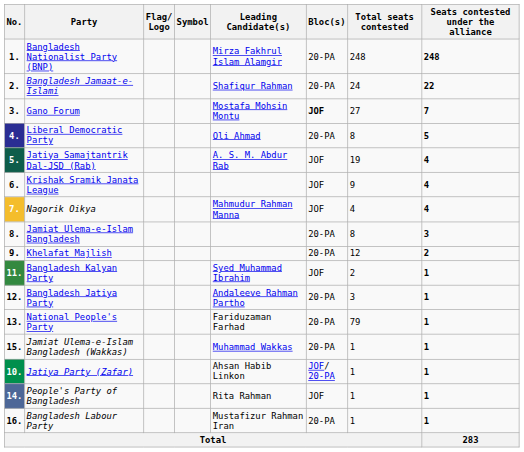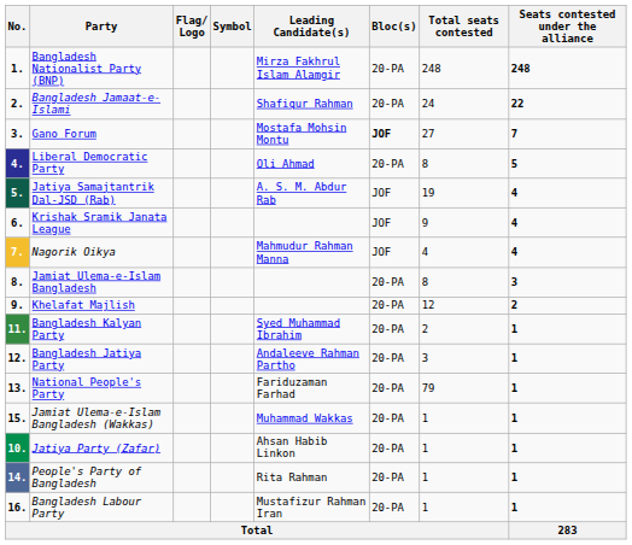 <table class="wikitable" width="60%">
 <tr>
 <th>No.</th>
 <th>Party</th>
 <th>Flag/<br>Logo</th>
 <th>Symbol</th>
 <th>Leading Candidate(s)</th>
 <th>Bloc(s)</th>
 <th>Total seats contested</th>
 <th>Seats contested under the alliance</th>
 </tr>
 <tr>
 <td style="text-align:center; background:"><strong>1.</strong></td>
 <td><a href='#'>Bangladesh Nationalist Party (BNP)</a></td>
 <td></td>
 <td></td>
 <td><a href='#'>Mirza Fakhrul Islam Alamgir</a></td>
 <td>20-PA</td>
 <td>248</td>
 <td><strong>248</strong></td>
 </tr>
 <tr>
 <td style="text-align:Center; background:"><strong>2.</strong></td>
 <td><em><a href='#'>Bangladesh Jamaat-e-Islami</a></em></td>
 <td></td>
 <td></td>
 <td><a href='#'>Shafiqur Rahman</a></td>
 <td>20-PA</td>
 <td>24</td>
 <td><strong>22</strong></td>
 </tr>
 <tr>
 <td style="text-align:Center; background:"><strong>3.</strong></td>
 <td><a href='#'>Gano Forum</a></td>
 <td></td>
 <td></td>
 <td><a href='#'>Mostafa Mohsin Montu</a></td>
 <td><strong>JOF</strong></td>
 <td>27</td>
 <td><strong>7</strong></td>
 </tr>
 <tr>
 <td style="text-align:Center; background:#2a2d93;color:white"><strong>4.</strong></td>
 <td><a href='#'>Liberal Democratic Party</a></td>
 <td></td>
 <td></td>
 <td><a href='#'>Oli Ahmad</a></td>
 <td>20-PA</td>
 <td>8</td>
 <td><strong>5</strong></td>
 </tr>
 <tr>
 <td style="text-align:Center; background:#0e5d4a;color:white"><strong>5.</strong></td>
 <td><a href='#'>Jatiya Samajtantrik Dal-JSD (Rab)</a></td>
 <td></td>
 <td></td>
 <td><a href='#'>A. S. M. Abdur Rab</a></td>
 <td>JOF</td>
 <td>19</td>
 <td><strong>4</strong></td>
 </tr>
 <tr>
 <td style="text-align:Center; background:"><strong>6.</strong></td>
 <td><a href='#'>Krishak Sramik Janata League</a></td>
 <td></td>
 <td></td>
 <td></td>
 <td>JOF</td>
 <td>9</td>
 <td><strong>4</strong></td>
 </tr>
 <tr>
 <td style="text-align:Center; background:#f4bd2c;color:white"><strong>7.</strong></td>
 <td><em>Nagorik Oikya</em></td>
 <td></td>
 <td></td>
 <td><a href='#'>Mahmudur Rahman Manna</a></td>
 <td>JOF</td>
 <td>4</td>
 <td><strong>4</strong></td>
 </tr>
 <tr>
 <td style="text-align:Center; background:"><strong>8.</strong></td>
 <td><a href='#'>Jamiat Ulema-e-Islam Bangladesh</a></td>
 <td></td>
 <td></td>
 <td></td>
 <td>20-PA</td>
 <td>8</td>
 <td><strong>3</strong></td>
 </tr>
 <tr>
 <td style="text-align:Center; background:"><strong>9.</strong></td>
 <td><a href='#'>Khelafat Majlish</a></td>
 <td></td>
 <td></td>
 <td></td>
 <td>20-PA</td>
 <td>12</td>
 <td><strong>2</strong></td>
 </tr>
 <tr>
 <td style="text-align:Center; background:#338940;color:white"><strong>11.</strong></td>
 <td><a href='#'>Bangladesh Kalyan Party</a></td>
 <td></td>
 <td></td>
 <td><a href='#'>Syed Muhammad Ibrahim</a></td>
-<td>JOF</td>
+<td>20-PA</td>
 <td>2</td>
 <td><strong>1</strong></td>
 </tr>
 <tr>
 <td style="text-align:Center; background:"><strong>12.</strong></td>
 <td><a href='#'>Bangladesh Jatiya Party</a></td>
 <td></td>
 <td><br></td>
 <td><a href='#'>Andaleeve Rahman Partho</a></td>
 <td>20-PA</td>
 <td>3</td>
 <td><strong>1</strong></td>
 </tr>
 <tr>
 <td style="text-align:Center; background:"><strong>13.</strong></td>
 <td><a href='#'>National People's Party</a></td>
 <td></td>
 <td></td>
 <td>Fariduzaman Farhad</td>
 <td>20-PA</td>
 <td>79</td>
 <td><strong>1</strong></td>
 </tr>
 <tr>
 <td style="text-align:Center; background:"><strong>15.</strong></td>
 <td><em>Jamiat Ulema-e-Islam Bangladesh (Wakkas)</em></td>
 <td></td>
 <td></td>
 <td><a href='#'>Muhammad Wakkas</a></td>
 <td>20-PA</td>
 <td>1</td>
 <td><strong>1</strong></td>
 </tr>
 <tr>
 <td style="text-align:Center; background:#008f4d;color:white"><strong>10.</strong></td>
 <td><em><a href='#'>Jatiya Party (Zafar)</a></em></td>
 <td></td>
 <td></td>
 <td>Ahsan Habib Linkon</td>
-<td><a href='#'>JOF</a>/<br><a href='#'>20-PA</a></td>
+<td>20-PA</td>
 <td>1</td>
 <td><strong>1</strong></td>
 </tr>
 <tr>
 <td style="text-align:Center; background:#4d6797;color:white"><strong>14.</strong></td>
 <td><em>People's Party of Bangladesh</em></td>
 <td></td>
 <td></td>
 <td>Rita Rahman</td>
-<td>JOF</td>
+<td>20-PA</td>
 <td>1</td>
 <td><strong>1</strong></td>
 </tr>
 <tr>
 <td style="text-align:Center; background:"><strong>16.</strong></td>
 <td><em>Bangladesh Labour Party</em></td>
 <td></td>
 <td></td>
 <td>Mustafizur Rahman Iran</td>
 <td>20-PA</td>
 <td>1</td>
 <td><strong>1</strong></td>
 </tr>
 <tr>
 <th colspan="7">Total</th>
 <th>283</th>
 </tr>
 </table>
